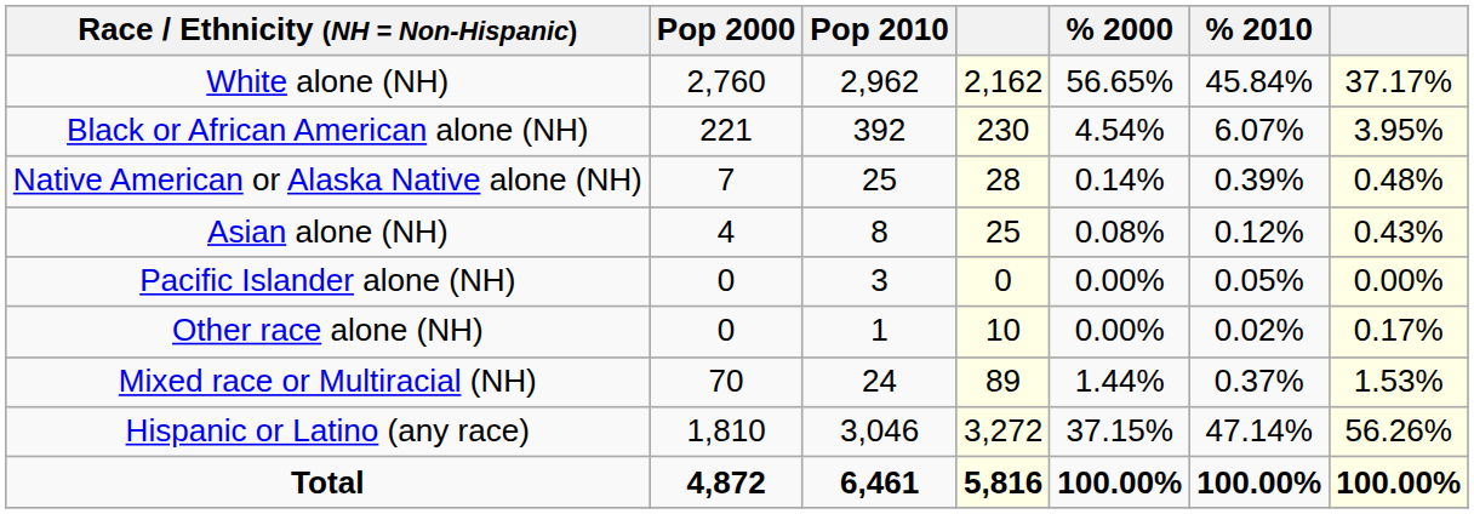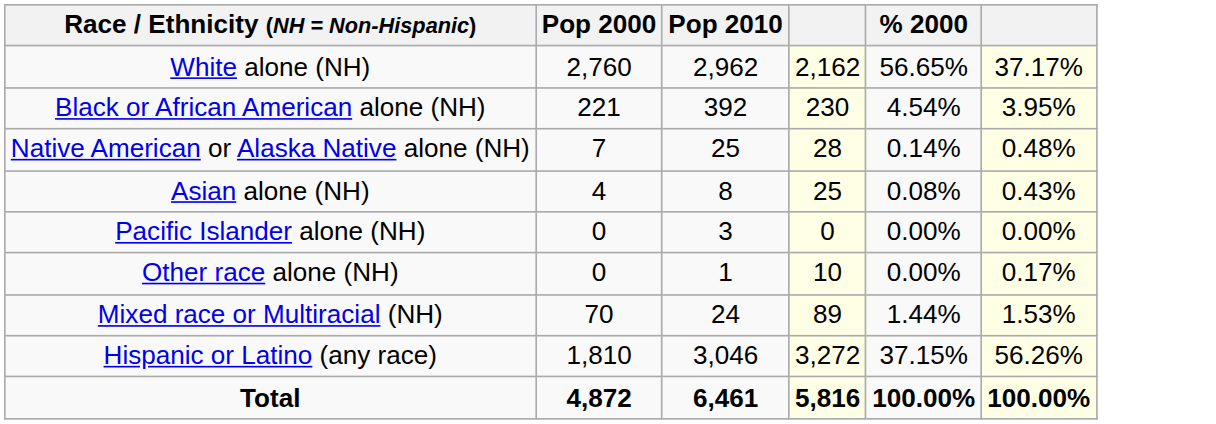 <table class="wikitable" style="text-align:center;">
 <tr>
 <th>Race / Ethnicity <small>(<em>NH = Non-Hispanic</em>)</small></th>
 <th>Pop 2000</th>
 <th>Pop 2010</th>
 <th></th>
 <th>% 2000</th>
-<th>% 2010</th>
 <th></th>
 </tr>
 <tr>
 <td><a href='#'>White</a> alone (NH)</td>
 <td>2,760</td>
 <td>2,962</td>
 <td style='background: #ffffe6;'>2,162</td>
 <td>56.65%</td>
-<td>45.84%</td>
 <td style='background: #ffffe6;'>37.17%</td>
 </tr>
 <tr>
 <td><a href='#'>Black or African American</a> alone (NH)</td>
 <td>221</td>
 <td>392</td>
 <td style='background: #ffffe6;'>230</td>
 <td>4.54%</td>
-<td>6.07%</td>
 <td style='background: #ffffe6;'>3.95%</td>
 </tr>
 <tr>
 <td><a href='#'>Native American</a> or <a href='#'>Alaska Native</a> alone (NH)</td>
 <td>7</td>
 <td>25</td>
 <td style='background: #ffffe6;'>28</td>
 <td>0.14%</td>
-<td>0.39%</td>
 <td style='background: #ffffe6;'>0.48%</td>
 </tr>
 <tr>
 <td><a href='#'>Asian</a> alone (NH)</td>
 <td>4</td>
 <td>8</td>
 <td style='background: #ffffe6;'>25</td>
 <td>0.08%</td>
-<td>0.12%</td>
 <td style='background: #ffffe6;'>0.43%</td>
 </tr>
 <tr>
 <td><a href='#'>Pacific Islander</a> alone (NH)</td>
 <td>0</td>
 <td>3</td>
 <td style='background: #ffffe6;'>0</td>
 <td>0.00%</td>
-<td>0.05%</td>
 <td style='background: #ffffe6;'>0.00%</td>
 </tr>
 <tr>
 <td><a href='#'>Other race</a> alone (NH)</td>
 <td>0</td>
 <td>1</td>
 <td style='background: #ffffe6;'>10</td>
 <td>0.00%</td>
-<td>0.02%</td>
 <td style='background: #ffffe6;'>0.17%</td>
 </tr>
 <tr>
 <td><a href='#'>Mixed race or Multiracial</a> (NH)</td>
 <td>70</td>
 <td>24</td>
 <td style='background: #ffffe6;'>89</td>
 <td>1.44%</td>
-<td>0.37%</td>
 <td style='background: #ffffe6;'>1.53%</td>
 </tr>
 <tr>
 <td><a href='#'>Hispanic or Latino</a> (any race)</td>
 <td>1,810</td>
 <td>3,046</td>
 <td style='background: #ffffe6;'>3,272</td>
 <td>37.15%</td>
-<td>47.14%</td>
 <td style='background: #ffffe6;'>56.26%</td>
 </tr>
 <tr>
 <td><strong>Total</strong></td>
 <td><strong>4,872</strong></td>
 <td><strong>6,461</strong></td>
 <td style='background: #ffffe6;'><strong>5,816</strong></td>
 <td><strong>100.00%</strong></td>
-<td><strong>100.00%</strong></td>
 <td style='background: #ffffe6;'><strong>100.00%</strong></td>
 </tr>
 </table>
